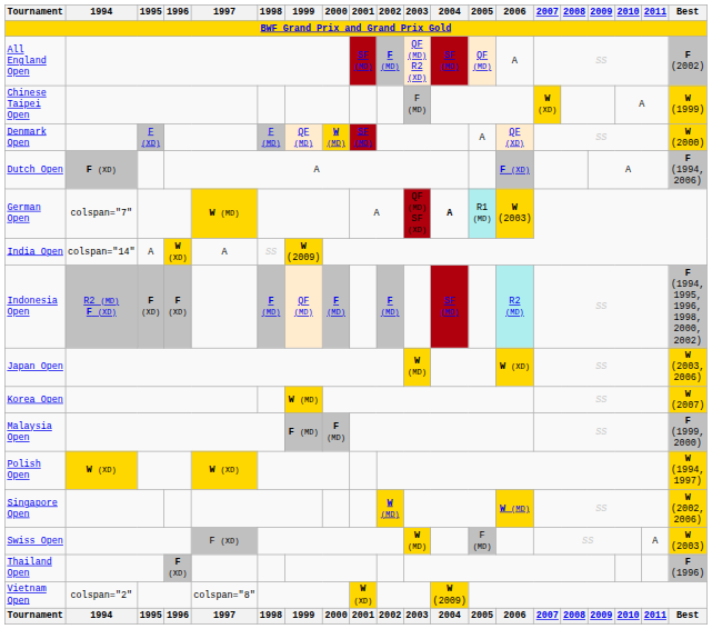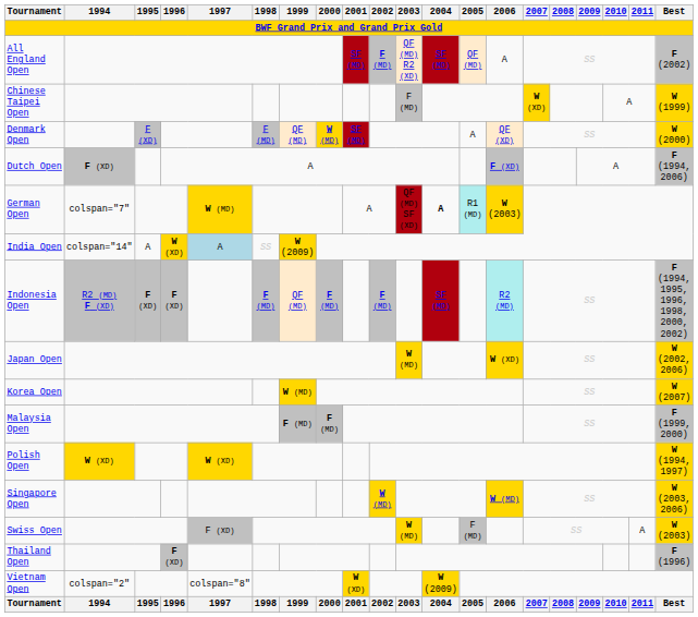 <table class="wikitable" style="font-size: 90%; text-align:center">
 <tr>
 <th width=180>Tournament</th>
 <th>1994</th>
 <th>1995</th>
 <th>1996</th>
 <th>1997</th>
 <th>1998</th>
 <th>1999</th>
 <th>2000</th>
 <th>2001</th>
 <th>2002</th>
 <th>2003</th>
 <th>2004</th>
 <th>2005</th>
 <th>2006</th>
 <th><a href='#'>2007</a></th>
 <th><a href='#'>2008</a></th>
 <th><a href='#'>2009</a></th>
 <th><a href='#'>2010</a></th>
 <th><a href='#'>2011</a></th>
 <th>Best</th>
 </tr>
 <tr bgcolor=FFD700>
 <td colspan=20 align=center><strong><a href='#'>BWF Grand Prix and Grand Prix Gold</a></strong></td>
 </tr>
 <tr>
 <td align=left> <a href='#'>All England Open</a></td>
 <td colspan="7"></td>
 <td bgcolor=Bronze><a href='#'>SF <small>(MD)</small></a></td>
 <td bgcolor=Silver><a href='#'><strong>F</strong> <small>(MD)</small></a></td>
 <td bgcolor=ffebcd><a href='#'>QF <small>(MD)</small></a> <br> <a href='#'>R2 <small>(XD)</small></a></td>
 <td bgcolor=Bronze><a href='#'>SF <small>(MD)</small></a></td>
 <td bgcolor=ffebcd><a href='#'>QF <small>(MD)</small></a></td>
 <td>A</td>
 <td colspan="5" style=color:#ccc><em>SS</em></td>
 <td bgcolor=Silver><strong>F</strong> (2002)</td>
 </tr>
 <tr>
 <td align=left> <a href='#'>Chinese Taipei Open</a></td>
 <td colspan="4"></td>
 <td></td>
 <td colspan="2"></td>
 <td></td>
 <td></td>
 <td bgcolor=silver>F <small>(MD)</small></td>
 <td colspan="3"></td>
 <td bgcolor=Gold><strong>W</strong> <small>(XD)</small></td>
 <td colspan="2"></td>
 <td colspan="2">A</td>
 <td bgcolor=Gold><strong>W</strong> (1999)</td>
 </tr>
 <tr>
 <td align=left> <a href='#'>Denmark Open</a></td>
 <td></td>
 <td bgcolor=silver><a href='#'>F <small>(XD)</small></a></td>
 <td colspan="2"></td>
 <td bgcolor=silver><a href='#'>F <small>(MD)</small></a></td>
 <td bgcolor=ffebcd><a href='#'>QF <small>(MD)</small></a></td>
 <td bgcolor=Gold><a href='#'><strong>W</strong> <small>(MD)</small></a></td>
 <td bgcolor=Bronze><a href='#'>SF <small>(MD)</small></a></td>
 <td colspan="3"></td>
 <td>A</td>
 <td bgcolor=ffebcd><a href='#'>QF <small>(XD)</small></a></td>
 <td colspan="5" style=color:#ccc><em>SS</em></td>
 <td bgcolor=Gold><strong>W</strong> (2000)</td>
 </tr>
 <tr>
 <td align=left> <a href='#'>Dutch Open</a></td>
 <td bgcolor=silver><strong>F</strong> <small>(XD)</small></td>
 <td></td>
 <td colspan="9">A</td>
 <td></td>
 <td bgcolor=silver><a href='#'><strong>F</strong> <small>(XD)</small></a></td>
 <td colspan="2"></td>
 <td colspan="3">A</td>
 <td bgcolor=silver><strong>F</strong> (1994, 2006)</td>
 </tr>
 <tr>
 <td align=left> <a href='#'>German Open</a></td>
 <td>colspan="7" </td>
 <td colspan="2"></td>
 <td bgcolor=Gold><strong>W</strong> <small>(MD)</small></td>
 <td colspan="3"></td>
 <td colspan="2">A</td>
 <td bgcolor=Bronze>QF <small>(MD)</small> <br> SF <small>(XD)</small></td>
 <td><strong>A</strong></td>
 <td bgcolor=AFEEEE>R1 <small>(MD)</small></td>
 <td bgcolor=Gold><strong>W</strong> (2003)</td>
 </tr>
 <tr>
 <td align=left> <a href='#'>India Open</a></td>
 <td>colspan="14" </td>
 <td>A</td>
 <td bgcolor=Gold><strong>W</strong> <small>(XD)</small></td>
-<td>A</td>
+<td style="background: lightblue;">A</td>
 <td style=color:#ccc><em>SS</em></td>
 <td bgcolor=Gold><strong>W</strong> (2009)</td>
 </tr>
 <tr>
 <td align=left> <a href='#'>Indonesia Open</a></td>
 <td bgcolor=silver><a href='#'>R2 <small>(MD)</small></a> <br> <a href='#'><strong>F</strong> <small>(XD)</small></a></td>
 <td bgcolor=silver><strong>F</strong> <small>(XD)</small></td>
 <td bgcolor=silver><strong>F</strong> <small>(XD)</small></td>
 <td></td>
 <td bgcolor=silver><a href='#'><strong>F</strong> <small>(MD)</small></a></td>
 <td bgcolor=ffebcd><a href='#'>QF <small>(MD)</small></a></td>
 <td bgcolor=silver><a href='#'><strong>F</strong> <small>(MD)</small></a></td>
 <td></td>
 <td bgcolor=silver><a href='#'><strong>F</strong> <small>(MD)</small></a></td>
 <td></td>
 <td bgcolor=Bronze><a href='#'>SF <small>(MD)</small></a></td>
 <td></td>
 <td bgcolor=afeeee><a href='#'>R2 <small>(MD)</small></a></td>
 <td colspan="5" style=color:#ccc><em>SS</em></td>
 <td bgcolor=silver><strong>F</strong> (1994, 1995, 1996, 1998, 2000, 2002)</td>
 </tr>
 <tr>
 <td align=left> <a href='#'>Japan Open</a></td>
 <td colspan="9"></td>
 <td bgcolor=Gold><strong>W</strong> <small>(MD)</small></td>
 <td colspan="2"></td>
 <td bgcolor=Gold><strong>W</strong> <small>(XD)</small></td>
 <td colspan="5" style=color:#ccc><em>SS</em></td>
-<td bgcolor=Gold><strong>W</strong> (2003, 2006)</td>
+<td bgcolor=Gold><strong>W</strong> (2002, 2006)</td>
 </tr>
 <tr>
 <td align=left> <a href='#'>Korea Open</a></td>
 <td colspan="4"></td>
 <td></td>
 <td bgcolor=Gold><strong>W</strong> <small>(MD)</small></td>
 <td colspan="7"></td>
 <td colspan="5" style=color:#ccc><em>SS</em></td>
 <td bgcolor=Gold><strong>W</strong> (2007)</td>
 </tr>
 <tr>
 <td align=left> <a href='#'>Malaysia Open</a></td>
 <td colspan="5"></td>
 <td bgcolor=silver><strong>F</strong> <small>(MD)</small></td>
 <td bgcolor=silver><strong>F</strong> <small>(MD)</small></td>
 <td colspan="6"></td>
 <td colspan="5" style=color:#ccc><em>SS</em></td>
 <td bgcolor=silver><strong>F</strong> (1999, 2000)</td>
 </tr>
 <tr>
 <td align=left> <a href='#'>Polish Open</a></td>
 <td bgcolor=Gold><strong>W</strong> <small>(XD)</small></td>
 <td colspan="2"></td>
 <td bgcolor=Gold><strong>W</strong> <small>(XD)</small></td>
 <td colspan="3"></td>
 <td></td>
 <td colspan="10"></td>
 <td bgcolor=Gold><strong>W</strong> (1994, 1997)</td>
 </tr>
 <tr>
 <td align=left> <a href='#'>Singapore Open</a></td>
 <td colspan="2"></td>
 <td></td>
 <td colspan="3"></td>
 <td></td>
 <td></td>
 <td bgcolor=Gold><a href='#'><strong>W</strong> <small>(MD)</small></a></td>
 <td colspan="3"></td>
 <td bgcolor=Gold><a href='#'><strong>W</strong> <small>(MD)</small></a></td>
 <td colspan="5" style=color:#ccc><em>SS</em></td>
-<td bgcolor=Gold><strong>W</strong> (2002, 2006)</td>
+<td bgcolor=Gold><strong>W</strong> (2003, 2006)</td>
 </tr>
 <tr>
 <td align=left> <a href='#'>Swiss Open</a></td>
 <td colspan="3"></td>
 <td bgcolor=silver>F <small>(XD)</small></td>
 <td colspan="5"></td>
 <td bgcolor=Gold><strong>W</strong> <small>(MD)</small></td>
 <td></td>
 <td bgcolor=silver>F <small>(MD)</small></td>
 <td></td>
 <td colspan="4" style=color:#ccc><em>SS</em></td>
 <td>A</td>
 <td bgcolor=Gold><strong>W</strong> (2003)</td>
 </tr>
 <tr>
 <td align=left> <a href='#'>Thailand Open</a></td>
 <td colspan="2"></td>
 <td bgcolor=silver><strong>F</strong> <small>(XD)</small></td>
 <td></td>
 <td></td>
 <td colspan="3"></td>
 <td></td>
 <td colspan="7"></td>
 <td></td>
 <td></td>
 <td bgcolor=silver><strong>F</strong> (1996)</td>
 </tr>
 <tr>
 <td align=left> <a href='#'>Vietnam Open</a></td>
 <td>colspan="2" </td>
 <td colspan="2"></td>
 <td>colspan="8" </td>
 <td colspan="3"></td>
 <td bgcolor=Gold><strong>W</strong> <small>(XD)</small></td>
 <td colspan="2"></td>
 <td bgcolor=Gold><strong>W</strong> (2009)</td>
 </tr>
 <tr>
 <th width=180>Tournament</th>
 <th>1994</th>
 <th>1995</th>
 <th>1996</th>
 <th>1997</th>
 <th>1998</th>
 <th>1999</th>
 <th>2000</th>
 <th>2001</th>
 <th>2002</th>
 <th>2003</th>
 <th>2004</th>
 <th>2005</th>
 <th>2006</th>
 <th><a href='#'>2007</a></th>
 <th><a href='#'>2008</a></th>
 <th><a href='#'>2009</a></th>
 <th><a href='#'>2010</a></th>
 <th><a href='#'>2011</a></th>
 <th>Best</th>
 </tr>
 </table>
